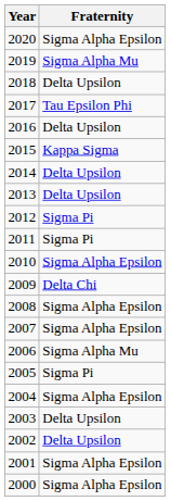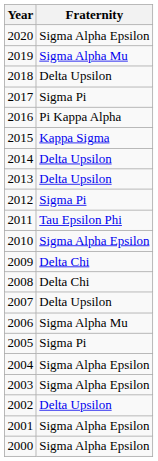 <table class="wikitable">
 <tr>
 <th>Year</th>
 <th>Fraternity</th>
 </tr>
 <tr>
 <td>2020</td>
 <td>Sigma Alpha Epsilon</td>
 </tr>
 <tr>
 <td>2019</td>
 <td><a href='#'>Sigma Alpha Mu</a></td>
 </tr>
 <tr>
 <td>2018</td>
 <td>Delta Upsilon</td>
 </tr>
 <tr>
 <td>2017</td>
-<td><a href='#'>Tau Epsilon Phi</a></td>
+<td>Sigma Pi</td>
 </tr>
 <tr>
 <td>2016</td>
-<td>Delta Upsilon</td>
+<td>Pi Kappa Alpha</td>
 </tr>
 <tr>
 <td>2015</td>
 <td><a href='#'>Kappa Sigma</a></td>
 </tr>
 <tr>
 <td>2014</td>
 <td><a href='#'>Delta Upsilon</a></td>
 </tr>
 <tr>
 <td>2013</td>
 <td><a href='#'>Delta Upsilon</a></td>
 </tr>
 <tr>
 <td>2012</td>
 <td><a href='#'>Sigma Pi</a></td>
 </tr>
 <tr>
 <td>2011</td>
-<td>Sigma Pi</td>
+<td><a href='#'>Tau Epsilon Phi</a></td>
 </tr>
 <tr>
 <td>2010</td>
 <td><a href='#'>Sigma Alpha Epsilon</a></td>
 </tr>
 <tr>
 <td>2009</td>
 <td><a href='#'>Delta Chi</a></td>
 </tr>
 <tr>
 <td>2008</td>
-<td>Sigma Alpha Epsilon</td>
+<td>Delta Chi</td>
 </tr>
 <tr>
 <td>2007</td>
-<td>Sigma Alpha Epsilon</td>
+<td>Delta Upsilon</td>
 </tr>
 <tr>
 <td>2006</td>
 <td>Sigma Alpha Mu</td>
 </tr>
 <tr>
 <td>2005</td>
 <td>Sigma Pi</td>
 </tr>
 <tr>
 <td>2004</td>
 <td>Sigma Alpha Epsilon</td>
 </tr>
 <tr>
 <td>2003</td>
-<td>Delta Upsilon</td>
+<td>Sigma Alpha Epsilon</td>
 </tr>
 <tr>
 <td>2002</td>
 <td><a href='#'>Delta Upsilon</a></td>
 </tr>
 <tr>
 <td>2001</td>
 <td>Sigma Alpha Epsilon</td>
 </tr>
 <tr>
 <td>2000</td>
 <td>Sigma Alpha Epsilon</td>
 </tr>
 </table>
